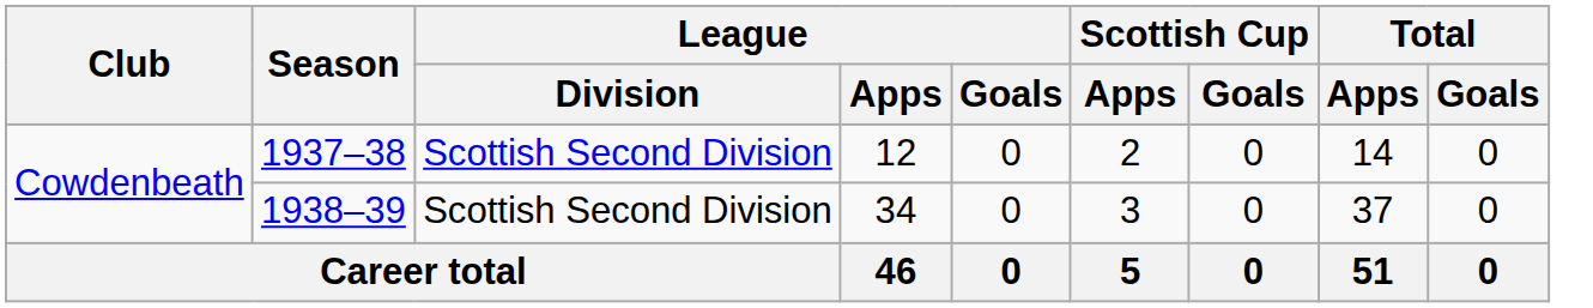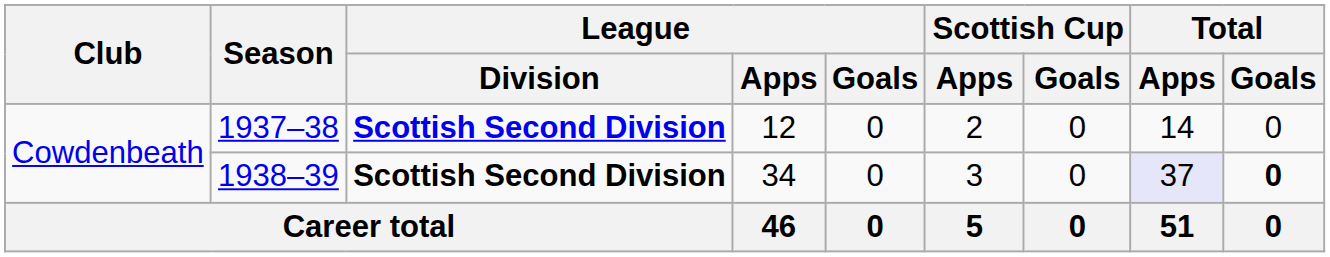 <table class="wikitable" style="text-align: center;">
 <tr>
 <th rowspan="2">Club</th>
 <th rowspan="2">Season</th>
 <th colspan="3">League</th>
 <th colspan="2">Scottish Cup</th>
 <th colspan="2">Total</th>
 </tr>
 <tr>
 <th>Division</th>
 <th>Apps</th>
 <th>Goals</th>
 <th>Apps</th>
 <th>Goals</th>
 <th>Apps</th>
 <th>Goals</th>
 </tr>
 <tr>
 <td rowspan="2"><a href='#'>Cowdenbeath</a></td>
 <td><a href='#'>1937–38</a></td>
-<td><a href='#'>Scottish Second Division</a></td>
+<td><strong><a href='#'>Scottish Second Division</a></strong></td>
 <td>12</td>
 <td>0</td>
 <td>2</td>
 <td>0</td>
 <td>14</td>
 <td>0</td>
 </tr>
 <tr>
 <td><a href='#'>1938–39</a></td>
-<td>Scottish Second Division</td>
+<td><strong>Scottish Second Division</strong></td>
 <td>34</td>
 <td>0</td>
 <td>3</td>
 <td>0</td>
-<td>37</td>
-<td>0</td>
+<td style="background: lavender;">37</td>
+<td><strong>0</strong></td>
 </tr>
 <tr>
 <th colspan="3">Career total</th>
 <th>46</th>
 <th>0</th>
 <th>5</th>
 <th>0</th>
 <th>51</th>
 <th>0</th>
 </tr>
 </table>
